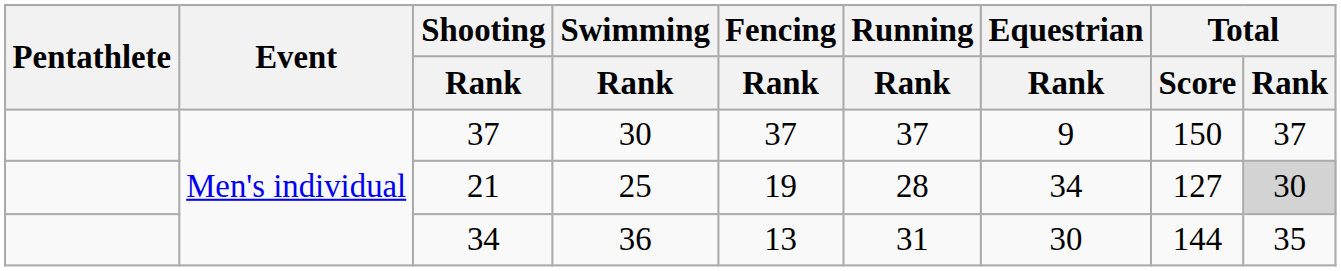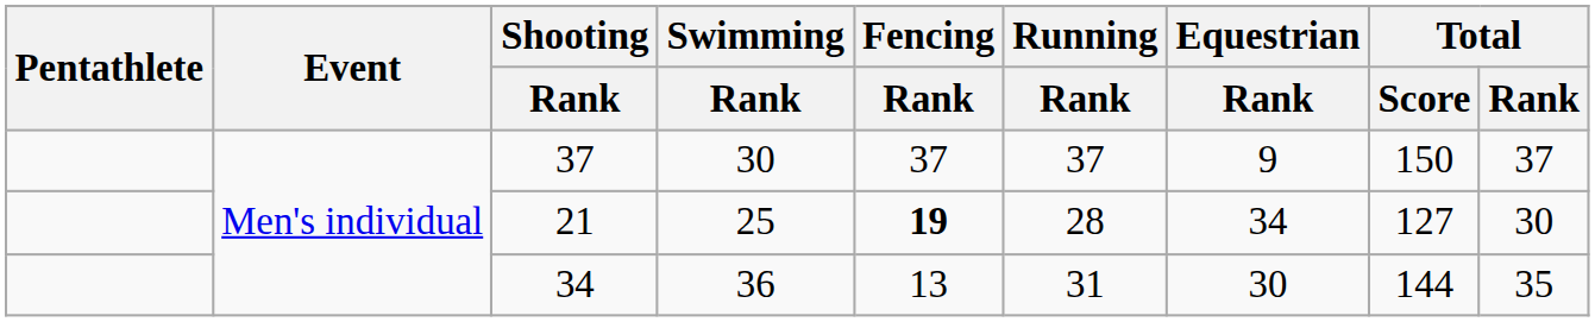 <table class="wikitable sortable" style="text-align:center">
 <tr>
 <th rowspan=2>Pentathlete</th>
 <th rowspan=2>Event</th>
 <th>Shooting</th>
 <th>Swimming</th>
 <th>Fencing</th>
 <th>Running</th>
 <th>Equestrian</th>
 <th colspan=2>Total</th>
 </tr>
 <tr>
 <th>Rank</th>
 <th>Rank</th>
 <th>Rank</th>
 <th>Rank</th>
 <th>Rank</th>
 <th>Score</th>
 <th>Rank</th>
 </tr>
 <tr>
 <td align=left></td>
 <td align=left rowspan=3><a href='#'>Men's individual</a></td>
 <td>37</td>
 <td>30</td>
 <td>37</td>
 <td>37</td>
 <td>9</td>
 <td>150</td>
 <td>37</td>
 </tr>
 <tr>
 <td align=left></td>
 <td>21</td>
 <td>25</td>
-<td>19</td>
+<td><strong>19</strong></td>
 <td>28</td>
 <td>34</td>
 <td>127</td>
-<td style="background: lightgrey;">30</td>
+<td>30</td>
 </tr>
 <tr>
 <td align=left></td>
 <td>34</td>
 <td>36</td>
 <td>13</td>
 <td>31</td>
 <td>30</td>
 <td>144</td>
 <td>35</td>
 </tr>
 </table>
